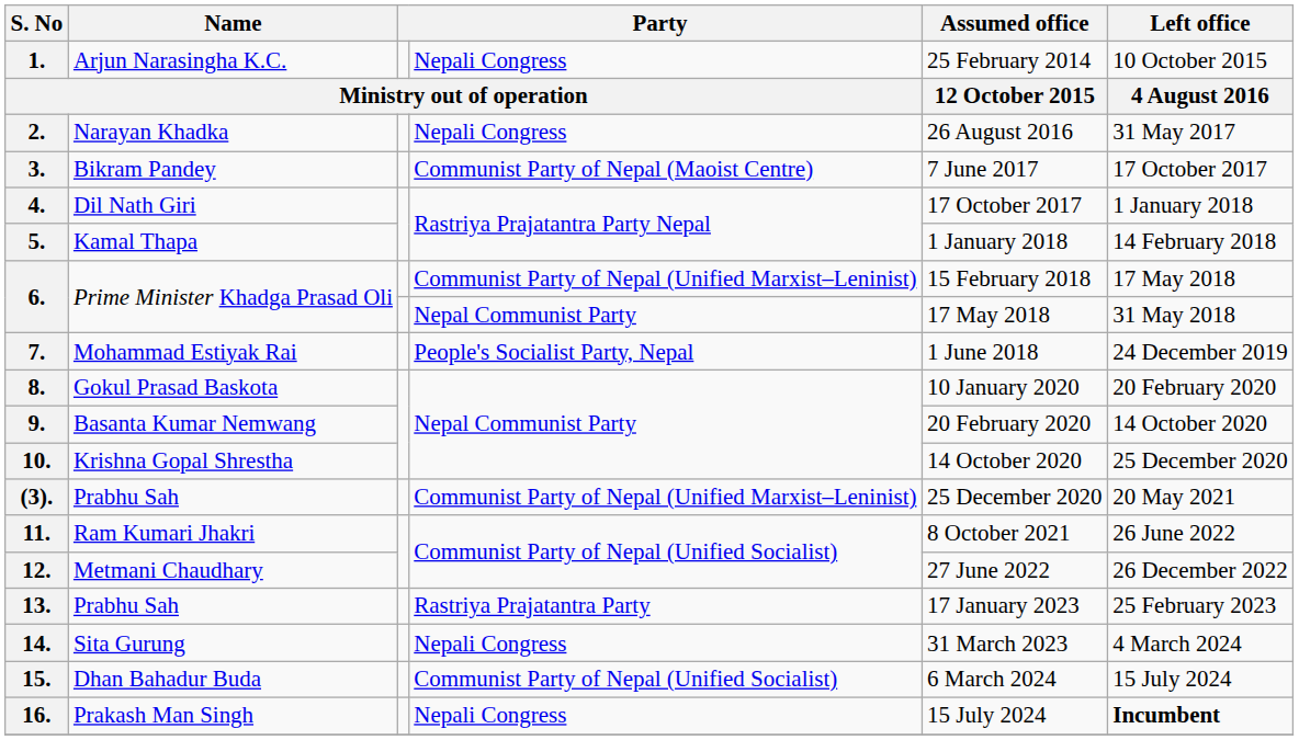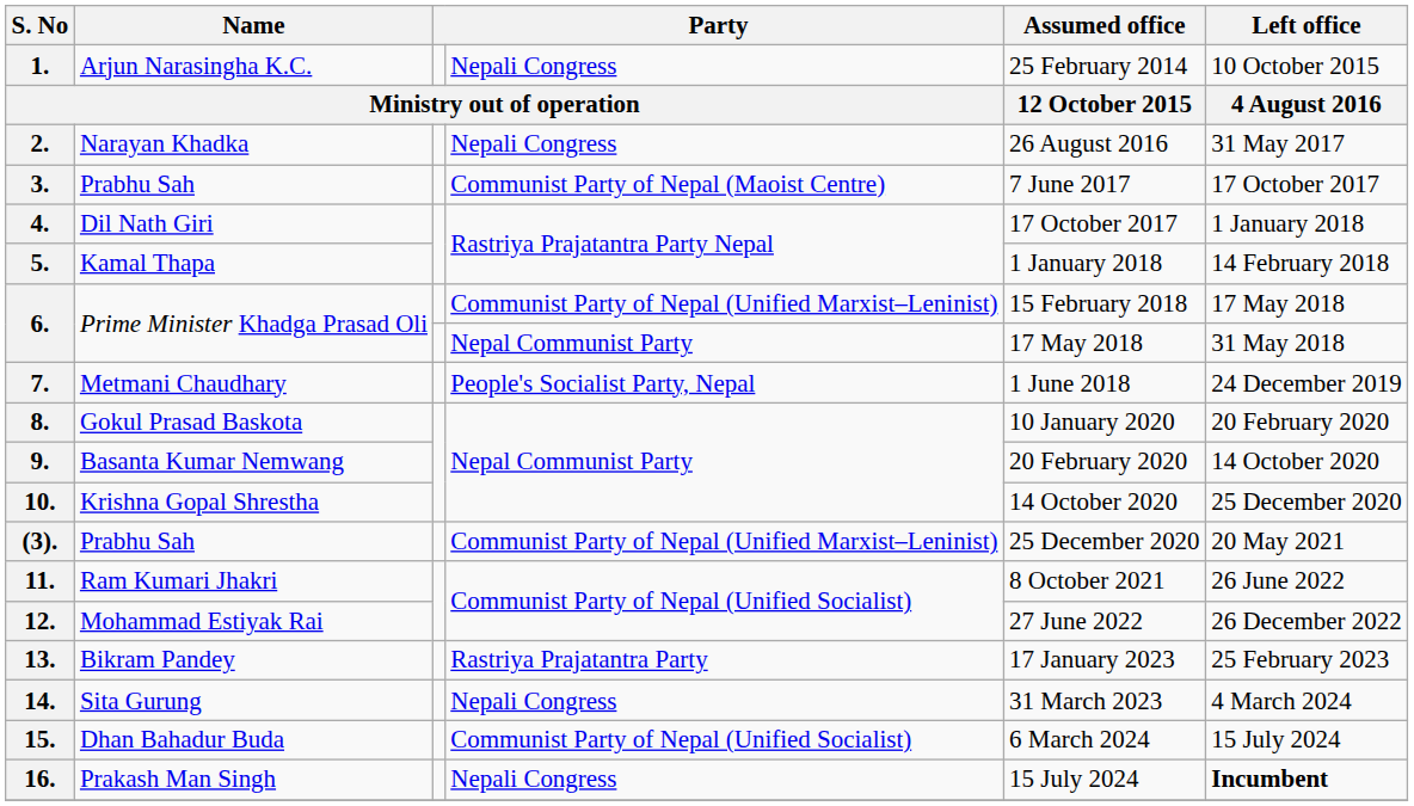 <table class="wikitable">
 <tr>
 <th>S. No</th>
 <th>Name</th>
 <th colspan =2>Party</th>
 <th>Assumed office</th>
 <th>Left office</th>
 </tr>
 <tr>
 <th>1.</th>
 <td><a href='#'>Arjun Narasingha K.C.</a></td>
 <td style="background:"></td>
 <td><a href='#'>Nepali Congress</a></td>
 <td>25 February 2014</td>
 <td>10 October 2015</td>
 </tr>
 <tr>
 <th colspan="4">Ministry out of operation</th>
 <th>12 October 2015</th>
 <th>4 August 2016</th>
 </tr>
 <tr>
 <th>2.</th>
 <td><a href='#'>Narayan Khadka</a></td>
 <td style="background:"></td>
 <td><a href='#'>Nepali Congress</a></td>
 <td>26 August 2016</td>
 <td>31 May 2017</td>
 </tr>
 <tr>
 <th>3.</th>
-<td><a href='#'>Bikram Pandey</a></td>
+<td><a href='#'>Prabhu Sah</a></td>
 <td style="background:"></td>
 <td><a href='#'>Communist Party of Nepal (Maoist Centre)</a></td>
 <td>7 June 2017</td>
 <td>17 October 2017</td>
 </tr>
 <tr>
 <th>4.</th>
 <td><a href='#'>Dil Nath Giri</a></td>
 <td rowspan="2" style="background:"></td>
 <td rowspan =2><a href='#'>Rastriya Prajatantra Party Nepal</a></td>
 <td>17 October 2017</td>
 <td>1 January 2018</td>
 </tr>
 <tr>
 <th>5.</th>
 <td><a href='#'>Kamal Thapa</a></td>
 <td>1 January 2018</td>
 <td>14 February 2018</td>
 </tr>
 <tr>
 <th rowspan=2>6.</th>
 <td rowspan =2><em>Prime Minister</em> <a href='#'>Khadga Prasad Oli</a></td>
 <td style="background:"></td>
 <td><a href='#'>Communist Party of Nepal (Unified Marxist–Leninist)</a></td>
 <td>15 February 2018</td>
 <td>17 May 2018</td>
 </tr>
 <tr>
 <td style="background:"></td>
 <td><a href='#'>Nepal Communist Party</a></td>
 <td>17 May 2018</td>
 <td>31 May 2018</td>
 </tr>
 <tr>
 <th>7.</th>
-<td><a href='#'>Mohammad Estiyak Rai</a></td>
+<td><a href='#'>Metmani Chaudhary</a></td>
 <td style="background:"></td>
 <td><a href='#'>People's Socialist Party, Nepal</a></td>
 <td>1 June 2018</td>
 <td>24 December 2019</td>
 </tr>
 <tr>
 <th>8.</th>
 <td><a href='#'>Gokul Prasad Baskota</a></td>
 <td rowspan="3" style="background:"></td>
 <td rowspan=3><a href='#'>Nepal Communist Party</a></td>
 <td>10 January 2020</td>
 <td>20 February 2020</td>
 </tr>
 <tr>
 <th>9.</th>
 <td><a href='#'>Basanta Kumar Nemwang</a></td>
 <td>20 February 2020</td>
 <td>14 October 2020</td>
 </tr>
 <tr>
 <th>10.</th>
 <td><a href='#'>Krishna Gopal Shrestha</a></td>
 <td>14 October 2020</td>
 <td>25 December 2020</td>
 </tr>
 <tr>
 <th>(3).</th>
 <td><a href='#'>Prabhu Sah</a></td>
 <td style="background:"></td>
 <td><a href='#'>Communist Party of Nepal (Unified Marxist–Leninist)</a></td>
 <td>25 December 2020</td>
 <td>20 May 2021</td>
 </tr>
 <tr>
 <th>11.</th>
 <td><a href='#'>Ram Kumari Jhakri</a></td>
 <td rowspan="2" style="background:"></td>
 <td rowspan=2><a href='#'>Communist Party of Nepal (Unified Socialist)</a></td>
 <td>8 October 2021</td>
 <td>26 June 2022</td>
 </tr>
 <tr>
 <th>12.</th>
-<td><a href='#'>Metmani Chaudhary</a></td>
+<td><a href='#'>Mohammad Estiyak Rai</a></td>
 <td>27 June 2022</td>
 <td>26 December 2022</td>
 </tr>
 <tr>
 <th>13.</th>
-<td><a href='#'>Prabhu Sah</a></td>
+<td><a href='#'>Bikram Pandey</a></td>
 <td style="background:"></td>
 <td><a href='#'>Rastriya Prajatantra Party</a></td>
 <td>17 January 2023</td>
 <td>25 February 2023</td>
 </tr>
 <tr>
 <th>14.</th>
 <td><a href='#'>Sita Gurung</a></td>
 <td style="background:"></td>
 <td><a href='#'>Nepali Congress</a></td>
 <td>31 March 2023</td>
 <td>4 March 2024</td>
 </tr>
 <tr>
 <th>15.</th>
 <td><a href='#'>Dhan Bahadur Buda</a></td>
 <td style="background:"></td>
 <td><a href='#'>Communist Party of Nepal (Unified Socialist)</a></td>
 <td>6 March 2024</td>
 <td>15 July 2024</td>
 </tr>
 <tr>
 <th>16.</th>
 <td><a href='#'>Prakash Man Singh</a></td>
 <td style="background:"></td>
 <td><a href='#'>Nepali Congress</a></td>
 <td>15 July 2024</td>
 <td><strong>Incumbent</strong></td>
 </tr>
 <tr>
 </tr>
 </table>
